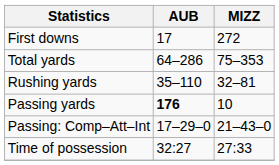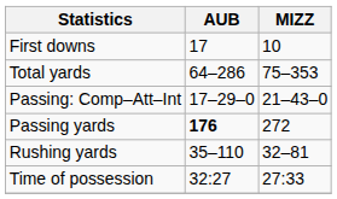 <table class="wikitable" style="float: left;">
 <tr>
 <th>Statistics</th>
 <th>AUB</th>
 <th>MIZZ</th>
 </tr>
 <tr>
 <td>First downs</td>
 <td>17</td>
-<td>272</td>
+<td>10</td>
 </tr>
 <tr>
 <td>Total yards</td>
 <td>64–286</td>
 <td>75–353</td>
 </tr>
 <tr>
-<td>Rushing yards</td>
-<td>35–110</td>
-<td>32–81</td>
+<td>Passing: Comp–Att–Int</td>
+<td>17–29–0</td>
+<td>21–43–0</td>
 </tr>
 <tr>
 <td>Passing yards</td>
 <td><strong>176</strong></td>
-<td>10</td>
+<td>272</td>
 </tr>
 <tr>
-<td>Passing: Comp–Att–Int</td>
-<td>17–29–0</td>
-<td>21–43–0</td>
+<td>Rushing yards</td>
+<td>35–110</td>
+<td>32–81</td>
 </tr>
 <tr>
 <td>Time of possession</td>
 <td>32:27</td>
 <td>27:33</td>
 </tr>
 <tr>
 </tr>
 </table>
